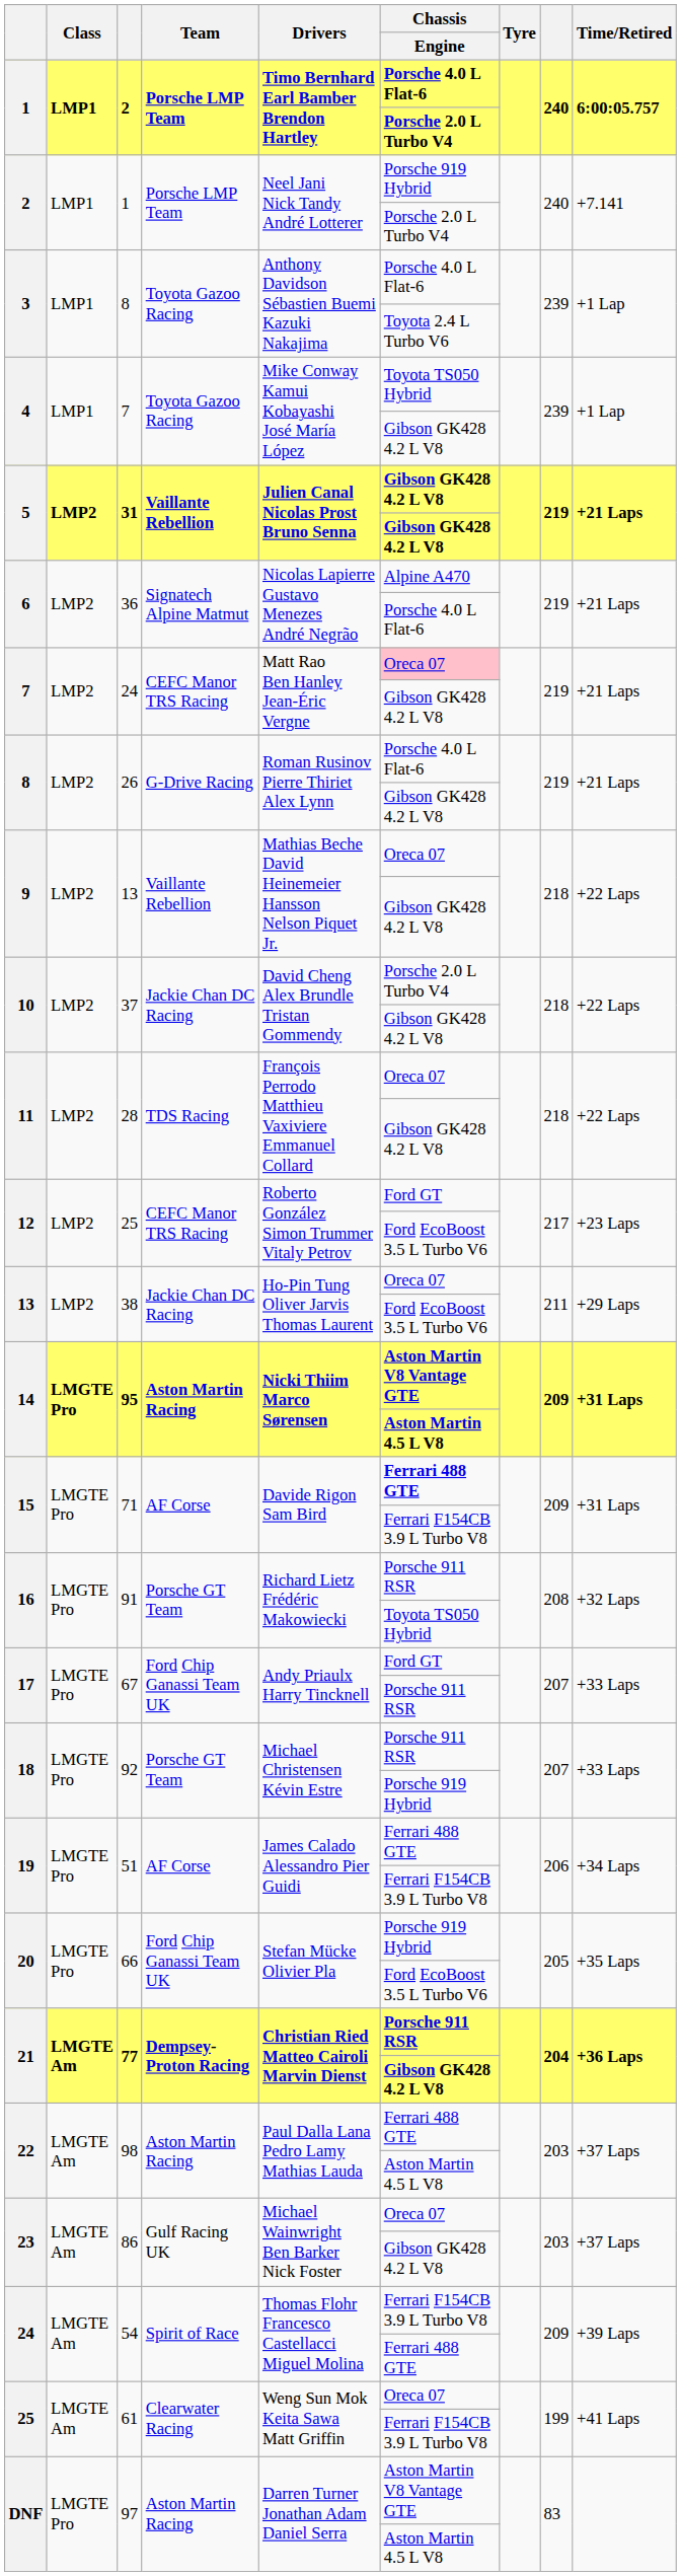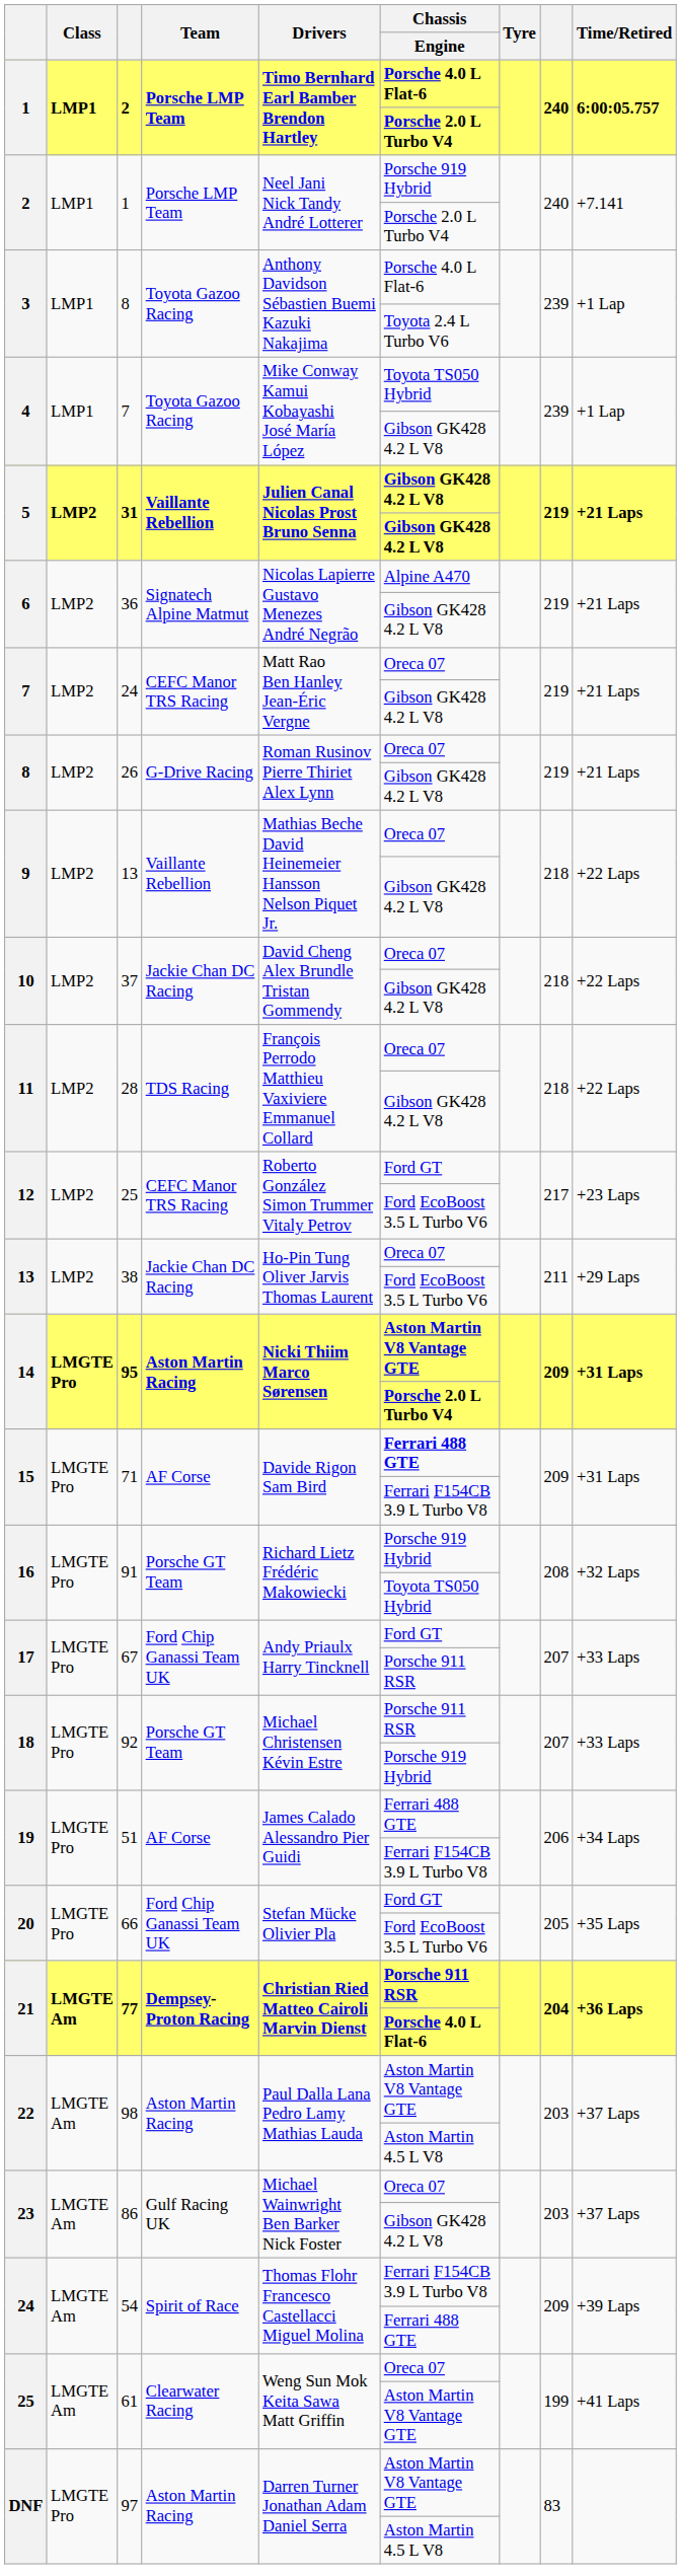 <table class="wikitable" style="font-size: 95%;">
 <tr>
 <th rowspan="2"></th>
 <th rowspan="2">Class</th>
 <th rowspan="2"></th>
 <th rowspan="2">Team</th>
 <th rowspan="2">Drivers</th>
 <th>Chassis</th>
 <th rowspan="2">Tyre</th>
 <th rowspan="2"></th>
 <th rowspan="2">Time/Retired</th>
 </tr>
 <tr>
 <th>Engine</th>
 </tr>
 <tr style="font-weight:bold" bgcolor="FFFF6B">
 <th rowspan=2>1</th>
 <td rowspan=2>LMP1</td>
 <td rowspan=2>2</td>
 <td rowspan=2> <a href='#'>Porsche LMP Team</a></td>
 <td rowspan=2> <a href='#'>Timo Bernhard</a><br> <a href='#'>Earl Bamber</a><br> <a href='#'>Brendon Hartley</a></td>
 <td><a href='#'>Porsche</a> 4.0 L Flat-6</td>
 <td rowspan=2></td>
 <td rowspan=2>240</td>
 <td rowspan=2>6:00:05.757</td>
 </tr>
 <tr style="font-weight:bold" bgcolor="FFFF6B">
 <td><a href='#'>Porsche</a> 2.0 L Turbo V4</td>
 </tr>
 <tr>
 <th rowspan=2>2</th>
 <td rowspan=2>LMP1</td>
 <td rowspan=2>1</td>
 <td rowspan=2> <a href='#'>Porsche LMP Team</a></td>
 <td rowspan=2> <a href='#'>Neel Jani</a><br> <a href='#'>Nick Tandy</a><br> <a href='#'>André Lotterer</a></td>
 <td><a href='#'>Porsche 919 Hybrid</a></td>
 <td rowspan=2></td>
 <td rowspan=2>240</td>
 <td rowspan=2>+7.141</td>
 </tr>
 <tr>
 <td><a href='#'>Porsche</a> 2.0 L Turbo V4</td>
 </tr>
 <tr>
 <th rowspan=2>3</th>
 <td rowspan=2>LMP1</td>
 <td rowspan=2>8</td>
 <td rowspan=2> <a href='#'>Toyota Gazoo Racing</a></td>
 <td rowspan=2> <a href='#'>Anthony Davidson</a><br> <a href='#'>Sébastien Buemi</a><br> <a href='#'>Kazuki Nakajima</a></td>
 <td><a href='#'>Porsche</a> 4.0 L Flat-6</td>
 <td rowspan=2></td>
 <td rowspan=2>239</td>
 <td rowspan=2>+1 Lap</td>
 </tr>
 <tr>
 <td><a href='#'>Toyota</a> 2.4 L Turbo V6</td>
 </tr>
 <tr>
 <th rowspan=2>4</th>
 <td rowspan=2>LMP1</td>
 <td rowspan=2>7</td>
 <td rowspan=2> <a href='#'>Toyota Gazoo Racing</a></td>
 <td rowspan=2> <a href='#'>Mike Conway</a><br> <a href='#'>Kamui Kobayashi</a><br> <a href='#'>José María López</a></td>
 <td><a href='#'>Toyota TS050 Hybrid</a></td>
 <td rowspan=2></td>
 <td rowspan=2>239</td>
 <td rowspan=2>+1 Lap</td>
 </tr>
 <tr>
 <td><a href='#'>Gibson</a> GK428 4.2 L V8</td>
 </tr>
 <tr style="font-weight:bold" bgcolor="FFFF6B">
 <th rowspan=2>5</th>
 <td rowspan=2>LMP2</td>
 <td rowspan=2>31</td>
 <td rowspan=2> <a href='#'>Vaillante Rebellion</a></td>
 <td rowspan=2> <a href='#'>Julien Canal</a><br> <a href='#'>Nicolas Prost</a><br> <a href='#'>Bruno Senna</a></td>
 <td><a href='#'>Gibson</a> GK428 4.2 L V8</td>
 <td rowspan=2></td>
 <td rowspan=2>219</td>
 <td rowspan=2>+21 Laps</td>
 </tr>
 <tr style="font-weight:bold" bgcolor="FFFF6B">
 <td><a href='#'>Gibson</a> GK428 4.2 L V8</td>
 </tr>
 <tr>
 <th rowspan=2>6</th>
 <td rowspan=2>LMP2</td>
 <td rowspan=2>36</td>
 <td rowspan=2> <a href='#'>Signatech Alpine Matmut</a></td>
 <td rowspan=2> <a href='#'>Nicolas Lapierre</a><br> <a href='#'>Gustavo Menezes</a><br> <a href='#'>André Negrão</a></td>
 <td><a href='#'>Alpine A470</a></td>
 <td rowspan=2></td>
 <td rowspan=2>219</td>
 <td rowspan=2>+21 Laps</td>
 </tr>
 <tr>
-<td><a href='#'>Porsche</a> 4.0 L Flat-6</td>
+<td><a href='#'>Gibson</a> GK428 4.2 L V8</td>
 </tr>
 <tr>
 <th rowspan=2>7</th>
 <td rowspan=2>LMP2</td>
 <td rowspan=2>24</td>
 <td rowspan=2> <a href='#'>CEFC Manor TRS Racing</a></td>
 <td rowspan=2> Matt Rao<br> <a href='#'>Ben Hanley</a><br> <a href='#'>Jean-Éric Vergne</a></td>
-<td style="background: pink;"><a href='#'>Oreca 07</a></td>
+<td><a href='#'>Oreca 07</a></td>
 <td rowspan=2></td>
 <td rowspan=2>219</td>
 <td rowspan=2>+21 Laps</td>
 </tr>
 <tr>
 <td><a href='#'>Gibson</a> GK428 4.2 L V8</td>
 </tr>
 <tr>
 <th rowspan=2>8</th>
 <td rowspan=2>LMP2</td>
 <td rowspan=2>26</td>
 <td rowspan=2> <a href='#'>G-Drive Racing</a></td>
 <td rowspan=2> <a href='#'>Roman Rusinov</a><br> <a href='#'>Pierre Thiriet</a><br> <a href='#'>Alex Lynn</a></td>
-<td><a href='#'>Porsche</a> 4.0 L Flat-6</td>
+<td><a href='#'>Oreca 07</a></td>
 <td rowspan=2></td>
 <td rowspan=2>219</td>
 <td rowspan=2>+21 Laps</td>
 </tr>
 <tr>
 <td><a href='#'>Gibson</a> GK428 4.2 L V8</td>
 </tr>
 <tr>
 <th rowspan=2>9</th>
 <td rowspan=2>LMP2</td>
 <td rowspan=2>13</td>
 <td rowspan=2> <a href='#'>Vaillante Rebellion</a></td>
 <td rowspan=2> <a href='#'>Mathias Beche</a><br> <a href='#'>David Heinemeier Hansson</a><br> <a href='#'>Nelson Piquet Jr.</a></td>
 <td><a href='#'>Oreca 07</a></td>
 <td rowspan=2></td>
 <td rowspan=2>218</td>
 <td rowspan=2>+22 Laps</td>
 </tr>
 <tr>
 <td><a href='#'>Gibson</a> GK428 4.2 L V8</td>
 </tr>
 <tr>
 <th rowspan=2>10</th>
 <td rowspan=2>LMP2</td>
 <td rowspan=2>37</td>
 <td rowspan=2> <a href='#'>Jackie Chan DC Racing</a></td>
 <td rowspan=2> <a href='#'>David Cheng</a><br> <a href='#'>Alex Brundle</a><br> <a href='#'>Tristan Gommendy</a></td>
-<td><a href='#'>Porsche</a> 2.0 L Turbo V4</td>
+<td><a href='#'>Oreca 07</a></td>
 <td rowspan=2></td>
 <td rowspan=2>218</td>
 <td rowspan=2>+22 Laps</td>
 </tr>
 <tr>
 <td><a href='#'>Gibson</a> GK428 4.2 L V8</td>
 </tr>
 <tr>
 <th rowspan=2>11</th>
 <td rowspan=2>LMP2</td>
 <td rowspan=2>28</td>
 <td rowspan=2> <a href='#'>TDS Racing</a></td>
 <td rowspan=2> <a href='#'>François Perrodo</a><br> <a href='#'>Matthieu Vaxiviere</a><br> <a href='#'>Emmanuel Collard</a></td>
 <td><a href='#'>Oreca 07</a></td>
 <td rowspan=2></td>
 <td rowspan=2>218</td>
 <td rowspan=2>+22 Laps</td>
 </tr>
 <tr>
 <td><a href='#'>Gibson</a> GK428 4.2 L V8</td>
 </tr>
 <tr>
 <th rowspan=2>12</th>
 <td rowspan=2>LMP2</td>
 <td rowspan=2>25</td>
 <td rowspan=2> <a href='#'>CEFC Manor TRS Racing</a></td>
 <td rowspan=2> <a href='#'>Roberto González</a><br> <a href='#'>Simon Trummer</a><br> <a href='#'>Vitaly Petrov</a></td>
 <td><a href='#'>Ford GT</a></td>
 <td rowspan=2></td>
 <td rowspan=2>217</td>
 <td rowspan=2>+23 Laps</td>
 </tr>
 <tr>
 <td><a href='#'>Ford</a> <a href='#'>EcoBoost</a> 3.5 L Turbo V6</td>
 </tr>
 <tr>
 <th rowspan=2>13</th>
 <td rowspan=2>LMP2</td>
 <td rowspan=2>38</td>
 <td rowspan=2> <a href='#'>Jackie Chan DC Racing</a></td>
 <td rowspan=2> <a href='#'>Ho-Pin Tung</a><br> <a href='#'>Oliver Jarvis</a><br> <a href='#'>Thomas Laurent</a></td>
 <td><a href='#'>Oreca 07</a></td>
 <td rowspan=2></td>
 <td rowspan=2>211</td>
 <td rowspan=2>+29 Laps</td>
 </tr>
 <tr>
 <td><a href='#'>Ford</a> <a href='#'>EcoBoost</a> 3.5 L Turbo V6</td>
 </tr>
 <tr style="font-weight:bold" bgcolor="FFFF6B">
 <th rowspan=2>14</th>
 <td rowspan=2>LMGTE<br>Pro</td>
 <td rowspan=2>95</td>
 <td rowspan=2> <a href='#'>Aston Martin Racing</a></td>
 <td rowspan=2> <a href='#'>Nicki Thiim</a><br> <a href='#'>Marco Sørensen</a></td>
 <td><a href='#'>Aston Martin V8 Vantage GTE</a></td>
 <td rowspan=2></td>
 <td rowspan=2>209</td>
 <td rowspan=2>+31 Laps</td>
 </tr>
 <tr style="font-weight:bold" bgcolor="FFFF6B">
-<td><a href='#'>Aston Martin</a> 4.5 L V8</td>
+<td><a href='#'>Porsche</a> 2.0 L Turbo V4</td>
 </tr>
 <tr>
 <th rowspan=2>15</th>
 <td rowspan=2>LMGTE<br>Pro</td>
 <td rowspan=2>71</td>
 <td rowspan=2> <a href='#'>AF Corse</a></td>
 <td rowspan=2> <a href='#'>Davide Rigon</a><br> <a href='#'>Sam Bird</a></td>
 <td><strong><a href='#'>Ferrari 488 GTE</a></strong></td>
 <td rowspan=2></td>
 <td rowspan=2>209</td>
 <td rowspan=2>+31 Laps</td>
 </tr>
 <tr>
 <td><a href='#'>Ferrari</a> <a href='#'>F154CB</a> 3.9 L Turbo V8</td>
 </tr>
 <tr>
 <th rowspan=2>16</th>
 <td rowspan=2>LMGTE<br>Pro</td>
 <td rowspan=2>91</td>
 <td rowspan=2> <a href='#'>Porsche GT Team</a></td>
 <td rowspan=2> <a href='#'>Richard Lietz</a><br> <a href='#'>Frédéric Makowiecki</a></td>
-<td><a href='#'>Porsche 911 RSR</a></td>
+<td><a href='#'>Porsche 919 Hybrid</a></td>
 <td rowspan=2></td>
 <td rowspan=2>208</td>
 <td rowspan=2>+32 Laps</td>
 </tr>
 <tr>
 <td><a href='#'>Toyota TS050 Hybrid</a></td>
 </tr>
 <tr>
 <th rowspan=2>17</th>
 <td rowspan=2>LMGTE<br>Pro</td>
 <td rowspan=2>67</td>
 <td rowspan=2> <a href='#'>Ford</a> <a href='#'>Chip Ganassi Team UK</a></td>
 <td rowspan=2> <a href='#'>Andy Priaulx</a><br> <a href='#'>Harry Tincknell</a></td>
 <td><a href='#'>Ford GT</a></td>
 <td rowspan=2></td>
 <td rowspan=2>207</td>
 <td rowspan=2>+33 Laps</td>
 </tr>
 <tr>
 <td><a href='#'>Porsche 911 RSR</a></td>
 </tr>
 <tr>
 <th rowspan=2>18</th>
 <td rowspan=2>LMGTE<br>Pro</td>
 <td rowspan=2>92</td>
 <td rowspan=2> <a href='#'>Porsche GT Team</a></td>
 <td rowspan=2> <a href='#'>Michael Christensen</a><br> <a href='#'>Kévin Estre</a></td>
 <td><a href='#'>Porsche 911 RSR</a></td>
 <td rowspan=2></td>
 <td rowspan=2>207</td>
 <td rowspan=2>+33 Laps</td>
 </tr>
 <tr>
 <td><a href='#'>Porsche 919 Hybrid</a></td>
 </tr>
 <tr>
 <th rowspan=2>19</th>
 <td rowspan=2>LMGTE<br>Pro</td>
 <td rowspan=2>51</td>
 <td rowspan=2> <a href='#'>AF Corse</a></td>
 <td rowspan=2> <a href='#'>James Calado</a><br> <a href='#'>Alessandro Pier Guidi</a></td>
 <td><a href='#'>Ferrari 488 GTE</a></td>
 <td rowspan=2></td>
 <td rowspan=2>206</td>
 <td rowspan=2>+34 Laps</td>
 </tr>
 <tr>
 <td><a href='#'>Ferrari</a> <a href='#'>F154CB</a> 3.9 L Turbo V8</td>
 </tr>
 <tr>
 <th rowspan=2>20</th>
 <td rowspan=2>LMGTE<br>Pro</td>
 <td rowspan=2>66</td>
 <td rowspan=2> <a href='#'>Ford</a> <a href='#'>Chip Ganassi Team UK</a></td>
 <td rowspan=2> <a href='#'>Stefan Mücke</a><br> <a href='#'>Olivier Pla</a></td>
-<td><a href='#'>Porsche 919 Hybrid</a></td>
+<td><a href='#'>Ford GT</a></td>
 <td rowspan=2></td>
 <td rowspan=2>205</td>
 <td rowspan=2>+35 Laps</td>
 </tr>
 <tr>
 <td><a href='#'>Ford</a> <a href='#'>EcoBoost</a> 3.5 L Turbo V6</td>
 </tr>
 <tr style="font-weight:bold" bgcolor="FFFF6B">
 <th rowspan=2>21</th>
 <td rowspan=2>LMGTE<br>Am</td>
 <td rowspan=2>77</td>
 <td rowspan=2> <a href='#'>Dempsey</a>-<a href='#'>Proton Racing</a></td>
 <td rowspan=2> <a href='#'>Christian Ried</a><br> <a href='#'>Matteo Cairoli</a><br> <a href='#'>Marvin Dienst</a></td>
 <td><a href='#'>Porsche 911 RSR</a></td>
 <td rowspan=2></td>
 <td rowspan=2>204</td>
 <td rowspan=2>+36 Laps</td>
 </tr>
 <tr style="font-weight:bold" bgcolor="FFFF6B">
-<td><a href='#'>Gibson</a> GK428 4.2 L V8</td>
+<td><a href='#'>Porsche</a> 4.0 L Flat-6</td>
 </tr>
 <tr>
 <th rowspan=2>22</th>
 <td rowspan=2>LMGTE<br>Am</td>
 <td rowspan=2>98</td>
 <td rowspan=2> <a href='#'>Aston Martin Racing</a></td>
 <td rowspan=2> <a href='#'>Paul Dalla Lana</a><br> <a href='#'>Pedro Lamy</a><br> <a href='#'>Mathias Lauda</a></td>
-<td><a href='#'>Ferrari 488 GTE</a></td>
+<td><a href='#'>Aston Martin V8 Vantage GTE</a></td>
 <td rowspan=2></td>
 <td rowspan=2>203</td>
 <td rowspan=2>+37 Laps</td>
 </tr>
 <tr>
 <td><a href='#'>Aston Martin</a> 4.5 L V8</td>
 </tr>
 <tr>
 <th rowspan=2>23</th>
 <td rowspan=2>LMGTE<br>Am</td>
 <td rowspan=2>86</td>
 <td rowspan=2> Gulf Racing UK</td>
 <td rowspan=2> <a href='#'>Michael Wainwright</a><br> <a href='#'>Ben Barker</a><br> Nick Foster</td>
 <td><a href='#'>Oreca 07</a></td>
 <td rowspan=2></td>
 <td rowspan=2>203</td>
 <td rowspan=2>+37 Laps</td>
 </tr>
 <tr>
 <td><a href='#'>Gibson</a> GK428 4.2 L V8</td>
 </tr>
 <tr>
 <th rowspan=2>24</th>
 <td rowspan=2>LMGTE<br>Am</td>
 <td rowspan=2>54</td>
 <td rowspan=2> <a href='#'>Spirit of Race</a></td>
 <td rowspan=2> <a href='#'>Thomas Flohr</a><br> <a href='#'>Francesco Castellacci</a><br> <a href='#'>Miguel Molina</a></td>
 <td><a href='#'>Ferrari</a> <a href='#'>F154CB</a> 3.9 L Turbo V8</td>
 <td rowspan=2></td>
 <td rowspan=2>209</td>
 <td rowspan=2>+39 Laps</td>
 </tr>
 <tr>
 <td><a href='#'>Ferrari 488 GTE</a></td>
 </tr>
 <tr>
 <th rowspan=2>25</th>
 <td rowspan=2>LMGTE<br>Am</td>
 <td rowspan=2>61</td>
 <td rowspan=2> <a href='#'>Clearwater Racing</a></td>
 <td rowspan=2> Weng Sun Mok<br> <a href='#'>Keita Sawa</a><br> Matt Griffin</td>
 <td><a href='#'>Oreca 07</a></td>
 <td rowspan=2></td>
 <td rowspan=2>199</td>
 <td rowspan=2>+41 Laps</td>
 </tr>
 <tr>
-<td><a href='#'>Ferrari</a> <a href='#'>F154CB</a> 3.9 L Turbo V8</td>
+<td><a href='#'>Aston Martin V8 Vantage GTE</a></td>
 </tr>
 <tr>
 <th rowspan=2>DNF</th>
 <td rowspan=2>LMGTE<br>Pro</td>
 <td rowspan=2>97</td>
 <td rowspan=2> <a href='#'>Aston Martin Racing</a></td>
 <td rowspan=2> <a href='#'>Darren Turner</a><br> <a href='#'>Jonathan Adam</a><br> <a href='#'>Daniel Serra</a></td>
 <td><a href='#'>Aston Martin V8 Vantage GTE</a></td>
 <td rowspan=2></td>
 <td rowspan=2>83</td>
 <td rowspan=2></td>
 </tr>
 <tr>
 <td><a href='#'>Aston Martin</a> 4.5 L V8</td>
 </tr>
 </table>
